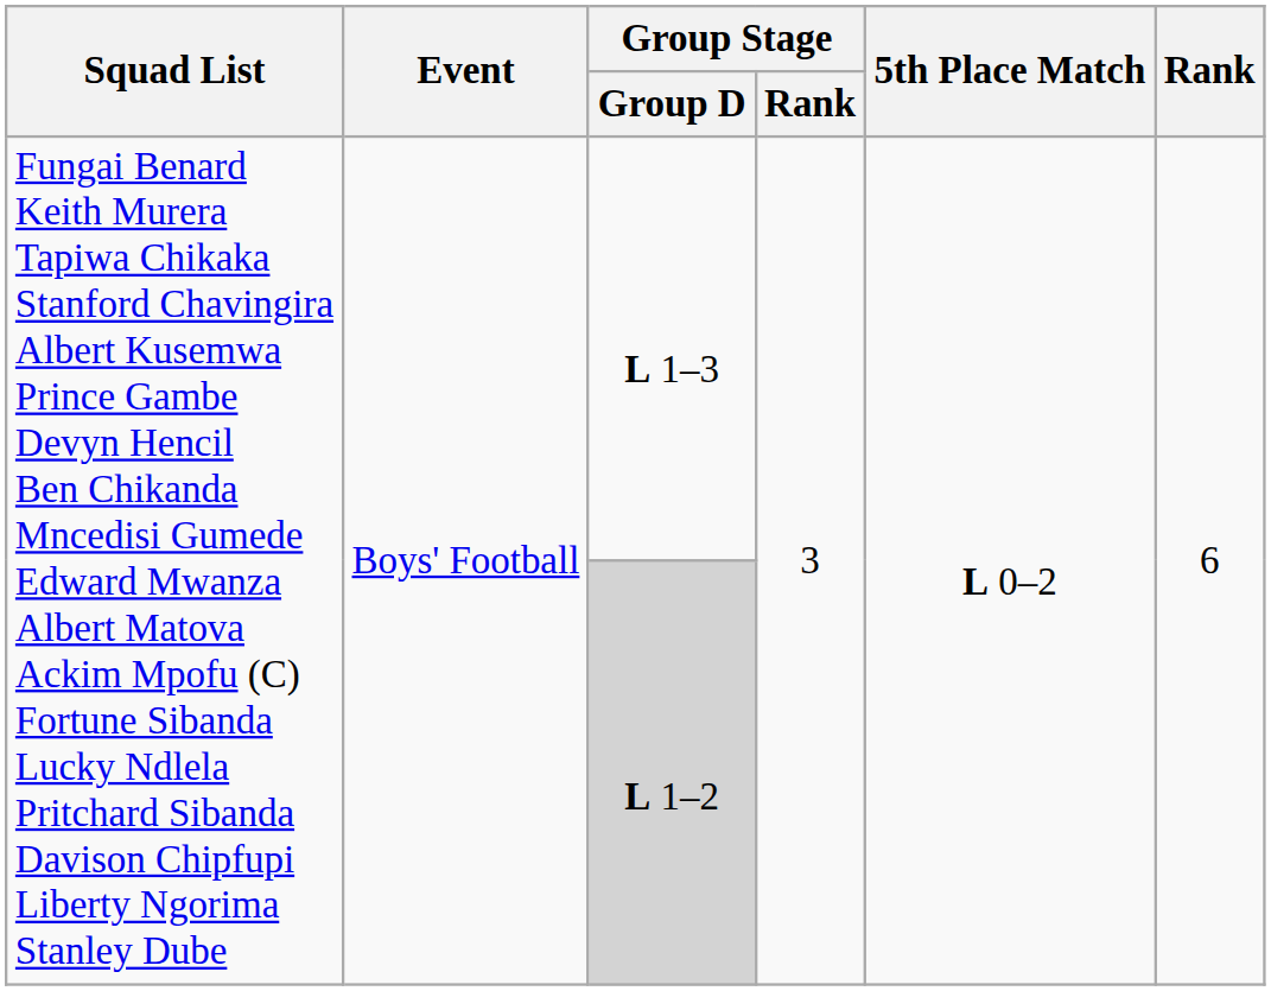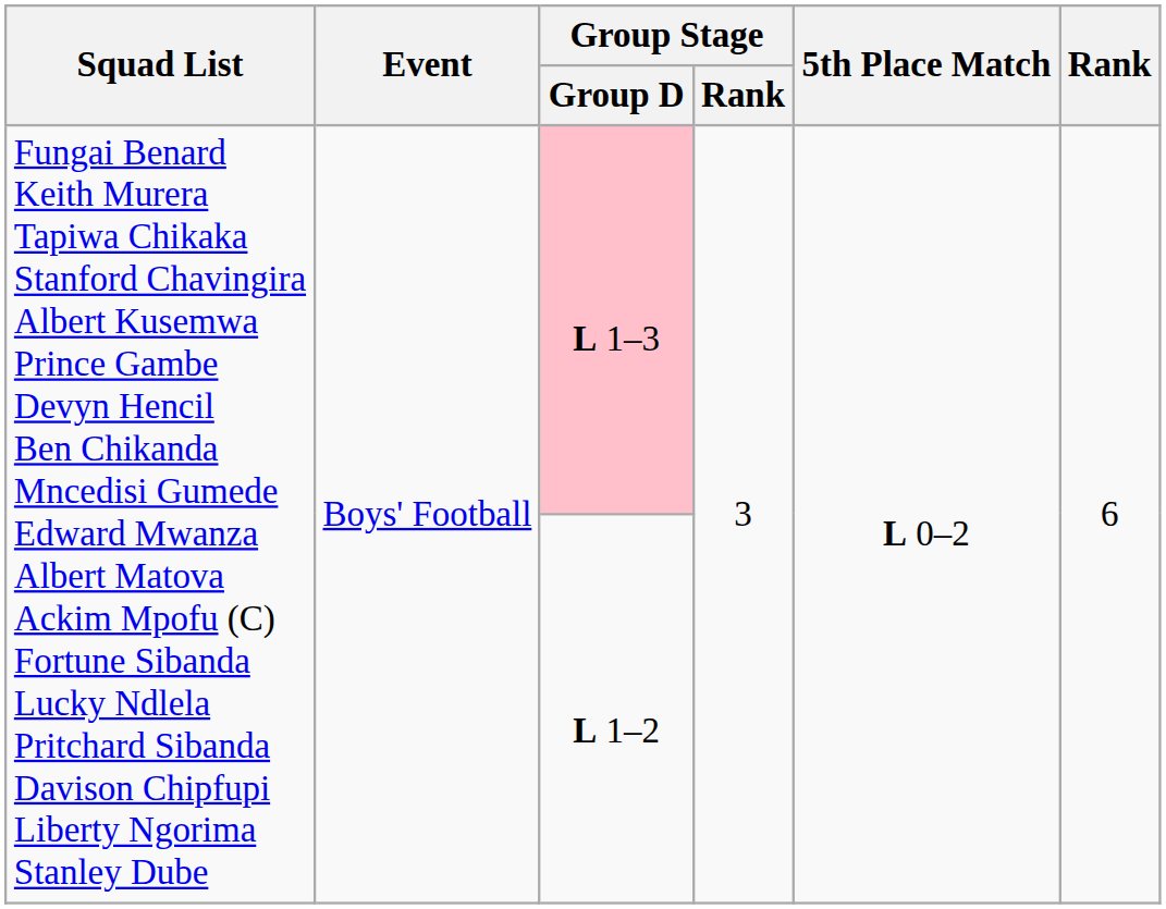 <table class=wikitable style="font-size:90%">
 <tr>
 <th rowspan=2>Squad List</th>
 <th rowspan=2>Event</th>
 <th colspan=2>Group Stage</th>
 <th rowspan=2>5th Place Match</th>
 <th rowspan=2>Rank</th>
 </tr>
 <tr>
 <th>Group D</th>
 <th>Rank</th>
 </tr>
 <tr>
 <td rowspan=2><a href='#'>Fungai Benard</a><br><a href='#'>Keith Murera</a><br><a href='#'>Tapiwa Chikaka</a><br><a href='#'>Stanford Chavingira</a><br><a href='#'>Albert Kusemwa</a><br><a href='#'>Prince Gambe</a><br><a href='#'>Devyn Hencil</a><br><a href='#'>Ben Chikanda</a><br><a href='#'>Mncedisi Gumede</a><br><a href='#'>Edward Mwanza</a><br><a href='#'>Albert Matova</a><br><a href='#'>Ackim Mpofu</a> (C)<br><a href='#'>Fortune Sibanda</a><br><a href='#'>Lucky Ndlela</a><br><a href='#'>Pritchard Sibanda</a><br><a href='#'>Davison Chipfupi</a><br><a href='#'>Liberty Ngorima</a><br><a href='#'>Stanley Dube</a></td>
 <td rowspan=2><a href='#'>Boys' Football</a></td>
-<td align=center><br> <strong>L</strong> 1–3</td>
+<td align=center style="background: pink;"><br> <strong>L</strong> 1–3</td>
 <td rowspan=2 align=center>3</td>
 <td rowspan=2 align=center><br> <strong>L</strong> 0–2</td>
 <td rowspan=2 align=center>6</td>
 </tr>
 <tr>
-<td align=center style="background: lightgrey;"><br> <strong>L</strong> 1–2</td>
+<td align=center><br> <strong>L</strong> 1–2</td>
 </tr>
 </table>
